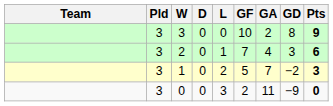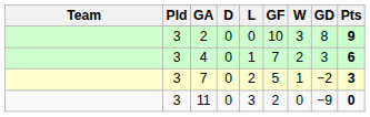 <table class="wikitable" style="text-align:center;">
 <tr>
 <th width=180>Team</th>
 <th width=20>Pld</th>
-<th width=20>W</th>
+<th width=20>GA</th>
 <th width=20>D</th>
 <th width=20>L</th>
 <th width=20>GF</th>
-<th width=20>GA</th>
+<th width=20>W</th>
 <th width=20>GD</th>
 <th width=20>Pts</th>
 </tr>
 <tr bgcolor="ccffcc">
 <td align="left"></td>
 <td>3</td>
-<td>3</td>
+<td>2</td>
 <td>0</td>
 <td>0</td>
 <td>10</td>
-<td>2</td>
+<td>3</td>
 <td>8</td>
 <td><strong>9</strong></td>
 </tr>
 <tr bgcolor="ccffcc">
 <td align="left"></td>
 <td>3</td>
-<td>2</td>
+<td>4</td>
 <td>0</td>
 <td>1</td>
 <td>7</td>
-<td>4</td>
+<td>2</td>
 <td>3</td>
 <td><strong>6</strong></td>
 </tr>
 <tr bgcolor="ffffcc">
 <td align="left"><em></em></td>
 <td>3</td>
-<td>1</td>
+<td>7</td>
 <td>0</td>
 <td>2</td>
 <td>5</td>
-<td>7</td>
+<td>1</td>
 <td>−2</td>
 <td><strong>3</strong></td>
 </tr>
 <tr align=center>
 <td align="left"></td>
 <td>3</td>
-<td>0</td>
+<td>11</td>
 <td>0</td>
 <td>3</td>
 <td>2</td>
-<td>11</td>
+<td>0</td>
 <td>−9</td>
 <td><strong>0</strong></td>
 </tr>
 </table>
